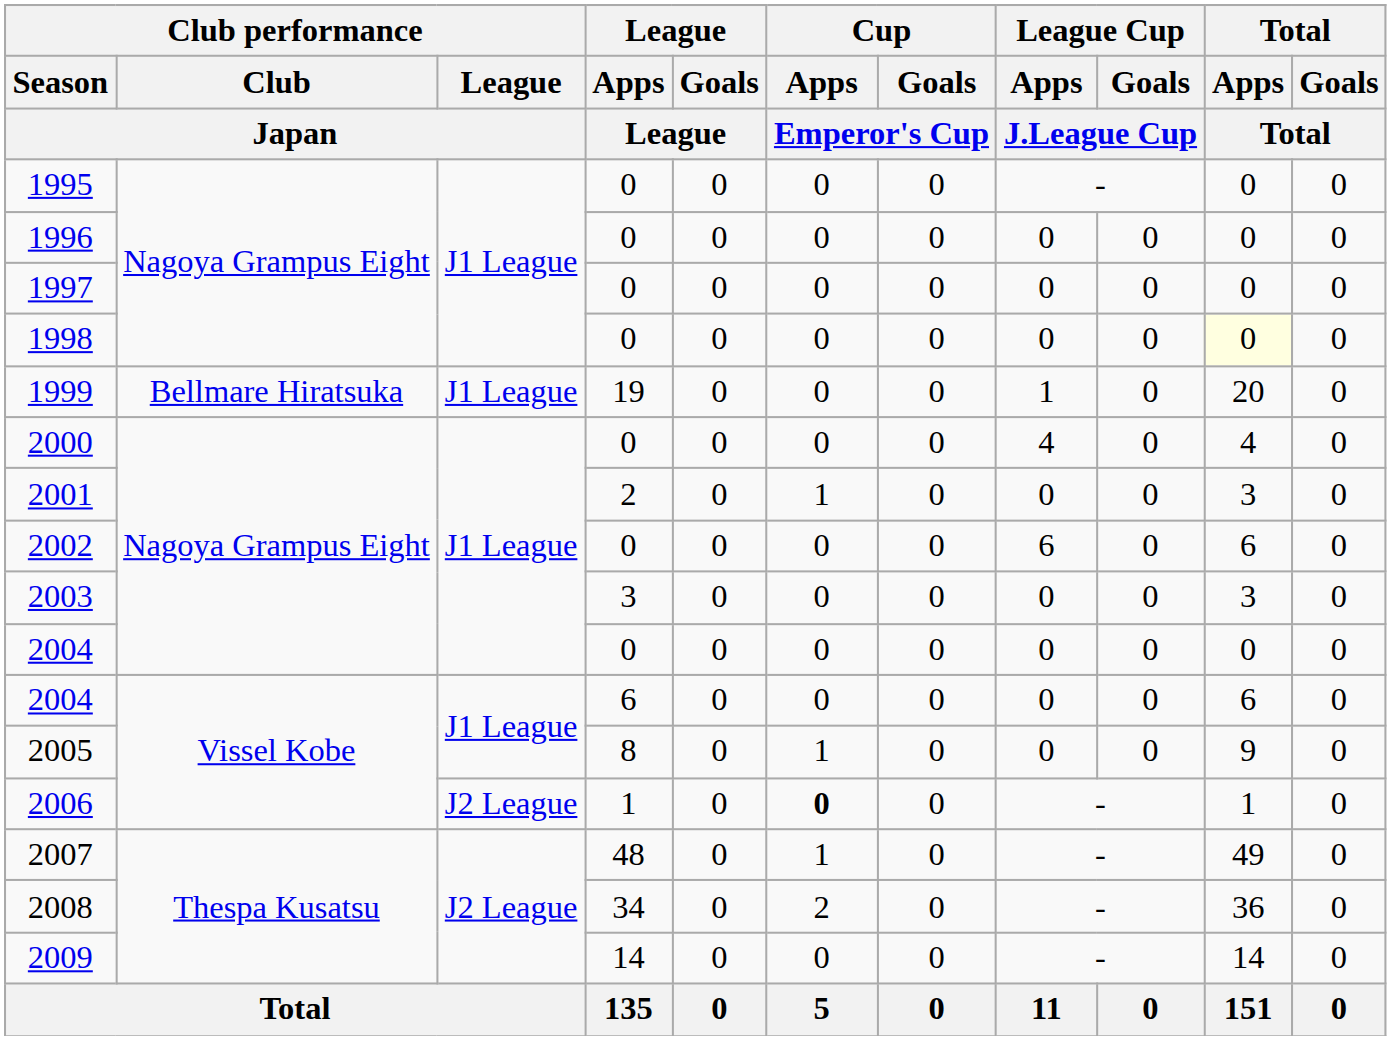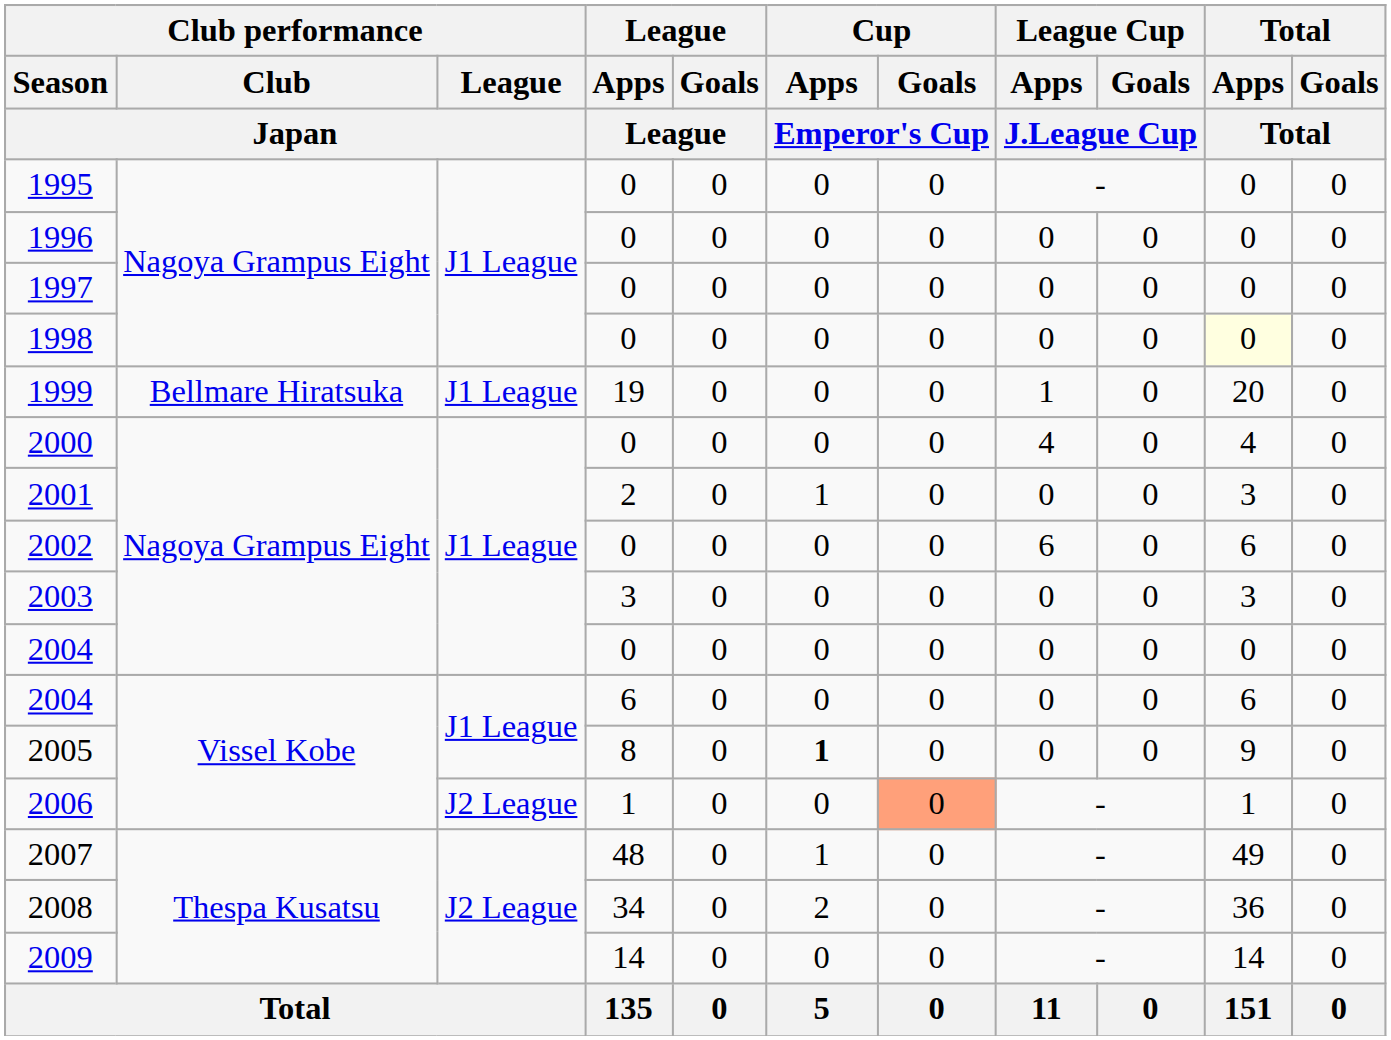 <table class="wikitable" style="text-align:center;">
 <tr>
 <th colspan=3>Club performance</th>
 <th colspan=2>League</th>
 <th colspan=2>Cup</th>
 <th colspan=2>League Cup</th>
 <th colspan=2>Total</th>
 </tr>
 <tr>
 <th>Season</th>
 <th>Club</th>
 <th>League</th>
 <th>Apps</th>
 <th>Goals</th>
 <th>Apps</th>
 <th>Goals</th>
 <th>Apps</th>
 <th>Goals</th>
 <th>Apps</th>
 <th>Goals</th>
 </tr>
 <tr>
 <th colspan=3>Japan</th>
 <th colspan=2>League</th>
 <th colspan=2><a href='#'>Emperor's Cup</a></th>
 <th colspan=2><a href='#'>J.League Cup</a></th>
 <th colspan=2>Total</th>
 </tr>
 <tr>
 <td><a href='#'>1995</a></td>
 <td rowspan="4"><a href='#'>Nagoya Grampus Eight</a></td>
 <td rowspan="4"><a href='#'>J1 League</a></td>
 <td>0</td>
 <td>0</td>
 <td>0</td>
 <td>0</td>
 <td colspan="2">-</td>
 <td>0</td>
 <td>0</td>
 </tr>
 <tr>
 <td><a href='#'>1996</a></td>
 <td>0</td>
 <td>0</td>
 <td>0</td>
 <td>0</td>
 <td>0</td>
 <td>0</td>
 <td>0</td>
 <td>0</td>
 </tr>
 <tr>
 <td><a href='#'>1997</a></td>
 <td>0</td>
 <td>0</td>
 <td>0</td>
 <td>0</td>
 <td>0</td>
 <td>0</td>
 <td>0</td>
 <td>0</td>
 </tr>
 <tr>
 <td><a href='#'>1998</a></td>
 <td>0</td>
 <td>0</td>
 <td>0</td>
 <td>0</td>
 <td>0</td>
 <td>0</td>
 <td style="background: lightyellow;">0</td>
 <td>0</td>
 </tr>
 <tr>
 <td><a href='#'>1999</a></td>
 <td><a href='#'>Bellmare Hiratsuka</a></td>
 <td><a href='#'>J1 League</a></td>
 <td>19</td>
 <td>0</td>
 <td>0</td>
 <td>0</td>
 <td>1</td>
 <td>0</td>
 <td>20</td>
 <td>0</td>
 </tr>
 <tr>
 <td><a href='#'>2000</a></td>
 <td rowspan="5"><a href='#'>Nagoya Grampus Eight</a></td>
 <td rowspan="5"><a href='#'>J1 League</a></td>
 <td>0</td>
 <td>0</td>
 <td>0</td>
 <td>0</td>
 <td>4</td>
 <td>0</td>
 <td>4</td>
 <td>0</td>
 </tr>
 <tr>
 <td><a href='#'>2001</a></td>
 <td>2</td>
 <td>0</td>
 <td>1</td>
 <td>0</td>
 <td>0</td>
 <td>0</td>
 <td>3</td>
 <td>0</td>
 </tr>
 <tr>
 <td><a href='#'>2002</a></td>
 <td>0</td>
 <td>0</td>
 <td>0</td>
 <td>0</td>
 <td>6</td>
 <td>0</td>
 <td>6</td>
 <td>0</td>
 </tr>
 <tr>
 <td><a href='#'>2003</a></td>
 <td>3</td>
 <td>0</td>
 <td>0</td>
 <td>0</td>
 <td>0</td>
 <td>0</td>
 <td>3</td>
 <td>0</td>
 </tr>
 <tr>
 <td><a href='#'>2004</a></td>
 <td>0</td>
 <td>0</td>
 <td>0</td>
 <td>0</td>
 <td>0</td>
 <td>0</td>
 <td>0</td>
 <td>0</td>
 </tr>
 <tr>
 <td><a href='#'>2004</a></td>
 <td rowspan="3"><a href='#'>Vissel Kobe</a></td>
 <td rowspan="2"><a href='#'>J1 League</a></td>
 <td>6</td>
 <td>0</td>
 <td>0</td>
 <td>0</td>
 <td>0</td>
 <td>0</td>
 <td>6</td>
 <td>0</td>
 </tr>
 <tr>
 <td>2005</td>
 <td>8</td>
 <td>0</td>
-<td>1</td>
+<td><strong>1</strong></td>
 <td>0</td>
 <td>0</td>
 <td>0</td>
 <td>9</td>
 <td>0</td>
 </tr>
 <tr>
 <td><a href='#'>2006</a></td>
 <td><a href='#'>J2 League</a></td>
 <td>1</td>
 <td>0</td>
-<td><strong>0</strong></td>
 <td>0</td>
+<td style="background: lightsalmon;">0</td>
 <td colspan="2">-</td>
 <td>1</td>
 <td>0</td>
 </tr>
 <tr>
 <td>2007</td>
 <td rowspan="3"><a href='#'>Thespa Kusatsu</a></td>
 <td rowspan="3"><a href='#'>J2 League</a></td>
 <td>48</td>
 <td>0</td>
 <td>1</td>
 <td>0</td>
 <td colspan="2">-</td>
 <td>49</td>
 <td>0</td>
 </tr>
 <tr>
 <td>2008</td>
 <td>34</td>
 <td>0</td>
 <td>2</td>
 <td>0</td>
 <td colspan="2">-</td>
 <td>36</td>
 <td>0</td>
 </tr>
 <tr>
 <td><a href='#'>2009</a></td>
 <td>14</td>
 <td>0</td>
 <td>0</td>
 <td>0</td>
 <td colspan="2">-</td>
 <td>14</td>
 <td>0</td>
 </tr>
 <tr>
 <th colspan=3>Total</th>
 <th>135</th>
 <th>0</th>
 <th>5</th>
 <th>0</th>
 <th>11</th>
 <th>0</th>
 <th>151</th>
 <th>0</th>
 </tr>
 </table>
